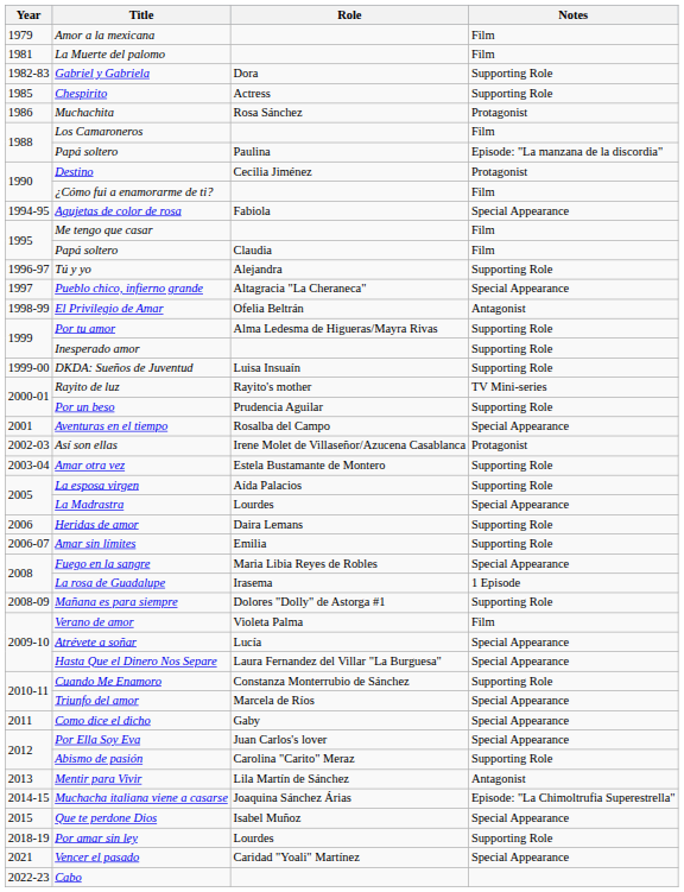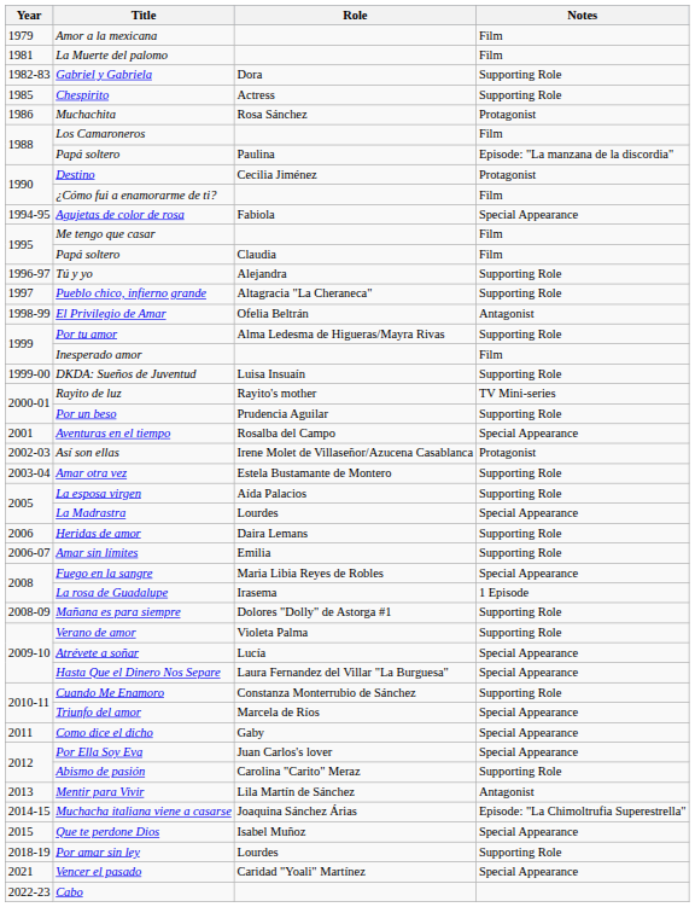 <table class="wikitable">
 <tr style="background:#b0c4de;">
 <th>Year</th>
 <th>Title</th>
 <th>Role</th>
 <th>Notes</th>
 </tr>
 <tr>
 <td>1979</td>
 <td><em>Amor a la mexicana</em></td>
 <td></td>
 <td>Film</td>
 </tr>
 <tr>
 <td>1981</td>
 <td><em>La Muerte del palomo</em></td>
 <td></td>
 <td>Film</td>
 </tr>
 <tr>
 <td>1982-83</td>
 <td><em><a href='#'>Gabriel y Gabriela</a></em></td>
 <td>Dora</td>
 <td>Supporting Role</td>
 </tr>
 <tr>
 <td>1985</td>
 <td><em><a href='#'>Chespirito</a></em></td>
 <td>Actress</td>
 <td>Supporting Role</td>
 </tr>
 <tr>
 <td>1986</td>
 <td><em>Muchachita</em></td>
 <td>Rosa Sánchez</td>
 <td>Protagonist</td>
 </tr>
 <tr>
 <td rowspan=2>1988</td>
 <td><em>Los Camaroneros</em></td>
 <td></td>
 <td>Film</td>
 </tr>
 <tr>
 <td><em>Papá soltero</em></td>
 <td>Paulina</td>
 <td>Episode: "La manzana de la discordia"</td>
 </tr>
 <tr>
 <td rowspan=2>1990</td>
 <td><em><a href='#'>Destino</a></em></td>
 <td>Cecilia Jiménez</td>
 <td>Protagonist</td>
 </tr>
 <tr>
 <td><em>¿Cómo fui a enamorarme de ti?</em></td>
 <td></td>
 <td>Film</td>
 </tr>
 <tr>
 <td>1994-95</td>
 <td><em><a href='#'>Agujetas de color de rosa</a></em></td>
 <td>Fabiola</td>
 <td>Special Appearance</td>
 </tr>
 <tr>
 <td rowspan=2>1995</td>
 <td><em>Me tengo que casar</em></td>
 <td></td>
 <td>Film</td>
 </tr>
 <tr>
 <td><em>Papá soltero</em></td>
 <td>Claudia</td>
 <td>Film</td>
 </tr>
 <tr>
 <td>1996-97</td>
 <td><em>Tú y yo</em></td>
 <td>Alejandra</td>
 <td>Supporting Role</td>
 </tr>
 <tr>
 <td>1997</td>
 <td><em><a href='#'>Pueblo chico, infierno grande</a></em></td>
 <td>Altagracia "La Cheraneca"</td>
-<td>Special Appearance</td>
+<td>Supporting Role</td>
 </tr>
 <tr>
 <td>1998-99</td>
 <td><em><a href='#'>El Privilegio de Amar</a></em></td>
 <td>Ofelia Beltrán</td>
 <td>Antagonist</td>
 </tr>
 <tr>
 <td rowspan=2>1999</td>
 <td><em><a href='#'>Por tu amor</a></em></td>
 <td>Alma Ledesma de Higueras/Mayra Rivas</td>
 <td>Supporting Role</td>
 </tr>
 <tr>
 <td><em>Inesperado amor </em></td>
 <td></td>
-<td>Supporting Role</td>
+<td>Film</td>
 </tr>
 <tr>
 <td>1999-00</td>
 <td><em>DKDA: Sueños de Juventud</em></td>
 <td>Luisa Insuaín</td>
 <td>Supporting Role</td>
 </tr>
 <tr>
 <td rowspan=2>2000-01</td>
 <td><em>Rayito de luz</em></td>
 <td>Rayito's mother</td>
 <td>TV Mini-series</td>
 </tr>
 <tr>
 <td><em><a href='#'>Por un beso</a></em></td>
 <td>Prudencia Aguilar</td>
 <td>Supporting Role</td>
 </tr>
 <tr>
 <td>2001</td>
 <td><em><a href='#'>Aventuras en el tiempo</a></em></td>
 <td>Rosalba del Campo</td>
 <td>Special Appearance</td>
 </tr>
 <tr>
 <td>2002-03</td>
 <td><em>Así son ellas</em></td>
 <td>Irene Molet de Villaseñor/Azucena Casablanca</td>
 <td>Protagonist</td>
 </tr>
 <tr>
 <td>2003-04</td>
 <td><em><a href='#'>Amar otra vez</a></em></td>
 <td>Estela Bustamante de Montero</td>
 <td>Supporting Role</td>
 </tr>
 <tr>
 <td rowspan=2>2005</td>
 <td><em><a href='#'>La esposa virgen</a></em></td>
 <td>Aída Palacios</td>
 <td>Supporting Role</td>
 </tr>
 <tr>
 <td><em><a href='#'>La Madrastra</a></em></td>
 <td>Lourdes</td>
 <td>Special Appearance</td>
 </tr>
 <tr>
 <td>2006</td>
 <td><em><a href='#'>Heridas de amor</a></em></td>
 <td>Daira Lemans</td>
 <td>Supporting Role</td>
 </tr>
 <tr>
 <td>2006-07</td>
 <td><em><a href='#'>Amar sin límites</a></em></td>
 <td>Emilia</td>
 <td>Supporting Role</td>
 </tr>
 <tr>
 <td rowspan=2>2008</td>
 <td><em><a href='#'>Fuego en la sangre</a></em></td>
 <td>Maria Libia Reyes de Robles</td>
 <td>Special Appearance</td>
 </tr>
 <tr>
 <td><em><a href='#'>La rosa de Guadalupe</a></em></td>
 <td>Irasema</td>
 <td>1 Episode</td>
 </tr>
 <tr>
 <td>2008-09</td>
 <td><em><a href='#'>Mañana es para siempre</a></em></td>
 <td>Dolores "Dolly" de Astorga #1</td>
 <td>Supporting Role</td>
 </tr>
 <tr>
 <td rowspan=3>2009-10</td>
 <td><em><a href='#'>Verano de amor</a></em></td>
 <td>Violeta Palma</td>
-<td>Film</td>
+<td>Supporting Role</td>
 </tr>
 <tr>
 <td><em><a href='#'>Atrévete a soñar</a></em></td>
 <td>Lucía</td>
 <td>Special Appearance</td>
 </tr>
 <tr>
 <td><em><a href='#'>Hasta Que el Dinero Nos Separe</a></em></td>
 <td>Laura Fernandez del Villar "La Burguesa"</td>
 <td>Special Appearance</td>
 </tr>
 <tr>
 <td rowspan=2>2010-11</td>
 <td><em><a href='#'>Cuando Me Enamoro</a></em></td>
 <td>Constanza Monterrubio de Sánchez</td>
 <td>Supporting Role</td>
 </tr>
 <tr>
 <td><em><a href='#'>Triunfo del amor</a></em></td>
 <td>Marcela de Ríos</td>
 <td>Special Appearance</td>
 </tr>
 <tr>
 <td>2011</td>
 <td><em><a href='#'>Como dice el dicho</a></em></td>
 <td>Gaby</td>
 <td>Special Appearance</td>
 </tr>
 <tr>
 <td rowspan=2>2012</td>
 <td><em><a href='#'>Por Ella Soy Eva</a></em></td>
 <td>Juan Carlos's lover</td>
 <td>Special Appearance</td>
 </tr>
 <tr>
 <td><em><a href='#'>Abismo de pasión</a></em></td>
 <td>Carolina "Carito" Meraz</td>
 <td>Supporting Role</td>
 </tr>
 <tr>
 <td>2013</td>
 <td><em><a href='#'>Mentir para Vivir</a></em></td>
 <td>Lila Martín de Sánchez</td>
 <td>Antagonist</td>
 </tr>
 <tr>
 <td>2014-15</td>
 <td><em><a href='#'>Muchacha italiana viene a casarse</a></em></td>
 <td>Joaquina Sánchez Árias</td>
 <td>Episode: "La Chimoltrufia Superestrella"</td>
 </tr>
 <tr>
 <td>2015</td>
 <td><em><a href='#'>Que te perdone Dios</a></em></td>
 <td>Isabel Muñoz</td>
 <td>Special Appearance</td>
 </tr>
 <tr>
 <td>2018-19</td>
 <td><em><a href='#'>Por amar sin ley</a></em></td>
 <td>Lourdes</td>
 <td>Supporting Role</td>
 </tr>
 <tr>
 <td>2021</td>
 <td><em><a href='#'>Vencer el pasado</a></em></td>
 <td>Caridad "Yoali" Martínez</td>
 <td>Special Appearance</td>
 </tr>
 <tr>
 <td>2022-23</td>
 <td><em><a href='#'>Cabo</a></em></td>
 <td></td>
 <td></td>
 </tr>
 </table>
